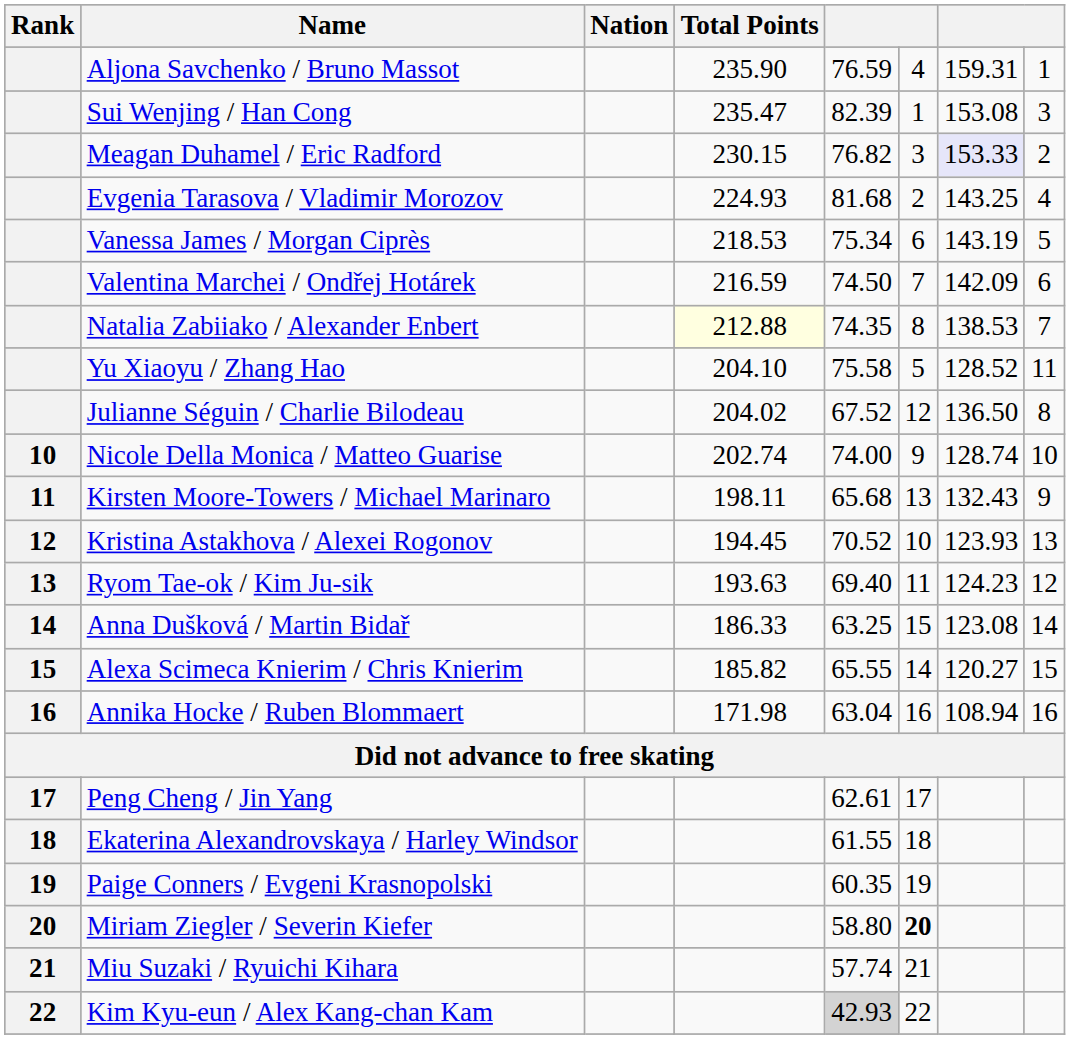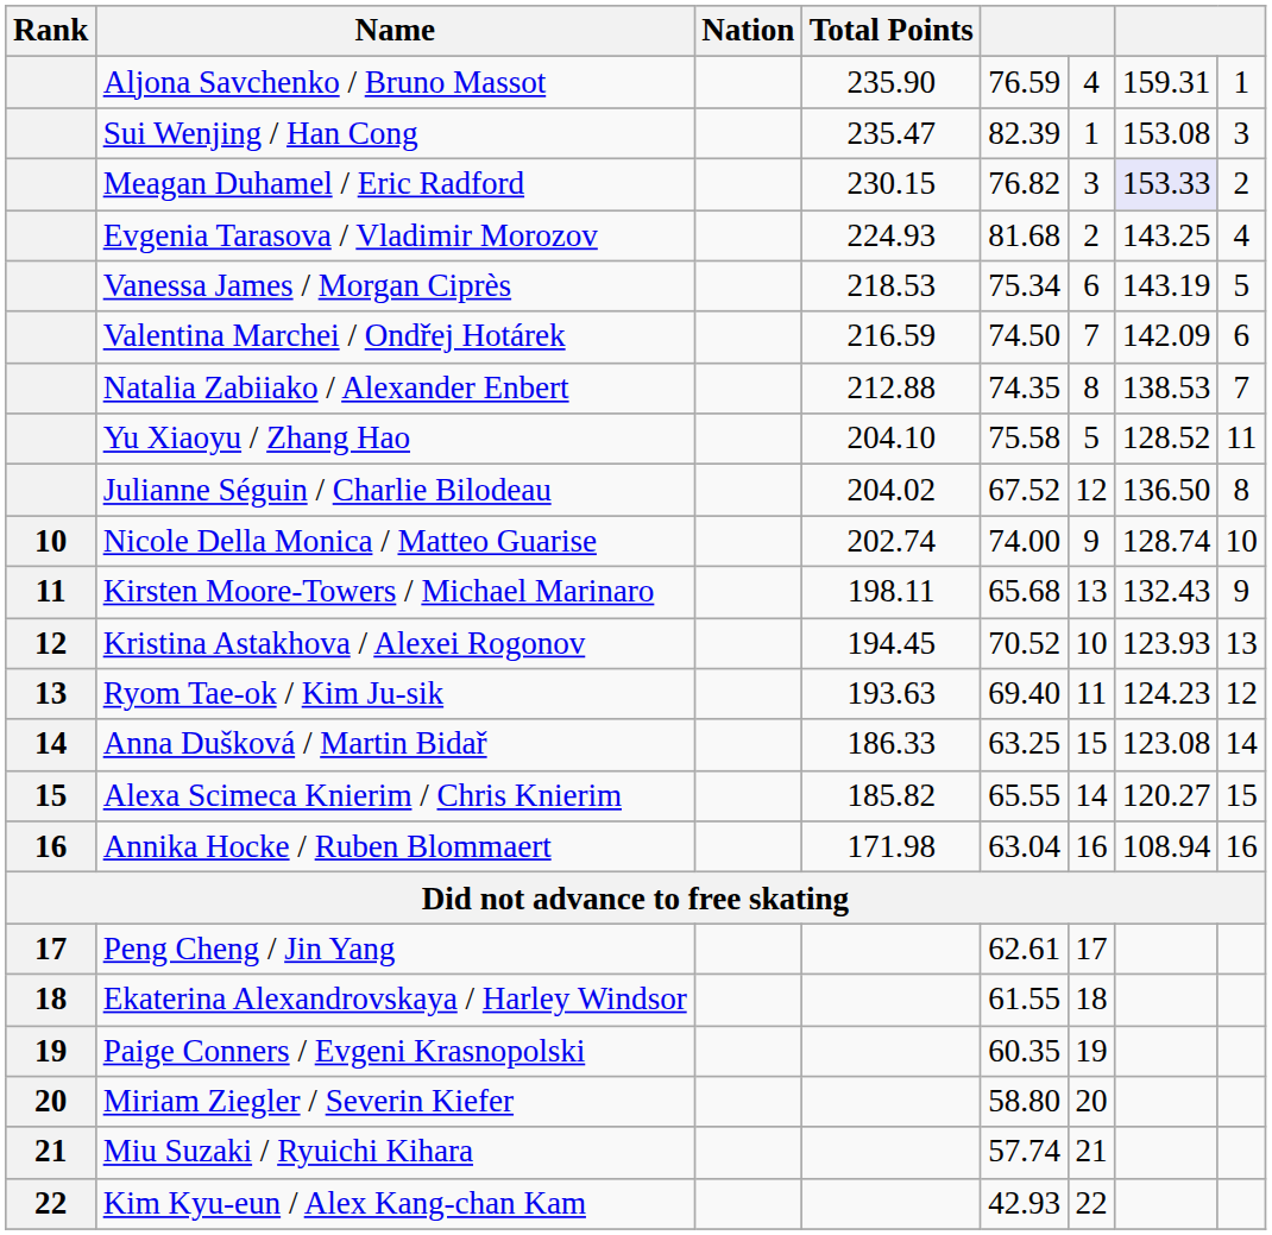 <table class="wikitable sortable" style="text-align:center">
 <tr>
 <th>Rank</th>
 <th>Name</th>
 <th>Nation</th>
 <th>Total Points</th>
 <th colspan=2></th>
 <th colspan=2></th>
 </tr>
 <tr>
 <th></th>
 <td align="left"><a href='#'>Aljona Savchenko</a> / <a href='#'>Bruno Massot</a></td>
 <td align="left"></td>
 <td>235.90</td>
 <td>76.59</td>
 <td>4</td>
 <td>159.31</td>
 <td>1</td>
 </tr>
 <tr>
 <th></th>
 <td align="left"><a href='#'>Sui Wenjing</a> / <a href='#'>Han Cong</a></td>
 <td align="left"></td>
 <td>235.47</td>
 <td>82.39</td>
 <td>1</td>
 <td>153.08</td>
 <td>3</td>
 </tr>
 <tr>
 <th></th>
 <td align="left"><a href='#'>Meagan Duhamel</a> / <a href='#'>Eric Radford</a></td>
 <td align="left"></td>
 <td>230.15</td>
 <td>76.82</td>
 <td>3</td>
 <td style="background: lavender;">153.33</td>
 <td>2</td>
 </tr>
 <tr>
 <th></th>
 <td align="left"><a href='#'>Evgenia Tarasova</a> / <a href='#'>Vladimir Morozov</a></td>
 <td align="left"></td>
 <td>224.93</td>
 <td>81.68</td>
 <td>2</td>
 <td>143.25</td>
 <td>4</td>
 </tr>
 <tr>
 <th></th>
 <td align=left><a href='#'>Vanessa James</a> / <a href='#'>Morgan Ciprès</a></td>
 <td align=left></td>
 <td>218.53</td>
 <td>75.34</td>
 <td>6</td>
 <td>143.19</td>
 <td>5</td>
 </tr>
 <tr>
 <th></th>
 <td align="left"><a href='#'>Valentina Marchei</a> / <a href='#'>Ondřej Hotárek</a></td>
 <td align="left"></td>
 <td>216.59</td>
 <td>74.50</td>
 <td>7</td>
 <td>142.09</td>
 <td>6</td>
 </tr>
 <tr>
 <th></th>
 <td align="left"><a href='#'>Natalia Zabiiako</a> / <a href='#'>Alexander Enbert</a></td>
 <td align="left"></td>
-<td style="background: lightyellow;">212.88</td>
+<td>212.88</td>
 <td>74.35</td>
 <td>8</td>
 <td>138.53</td>
 <td>7</td>
 </tr>
 <tr>
 <th></th>
 <td align=left><a href='#'>Yu Xiaoyu</a> / <a href='#'>Zhang Hao</a></td>
 <td align=left></td>
 <td>204.10</td>
 <td>75.58</td>
 <td>5</td>
 <td>128.52</td>
 <td>11</td>
 </tr>
 <tr>
 <th></th>
 <td align=left><a href='#'>Julianne Séguin</a> / <a href='#'>Charlie Bilodeau</a></td>
 <td align=left></td>
 <td>204.02</td>
 <td>67.52</td>
 <td>12</td>
 <td>136.50</td>
 <td>8</td>
 </tr>
 <tr>
 <th>10</th>
 <td align=left><a href='#'>Nicole Della Monica</a> / <a href='#'>Matteo Guarise</a></td>
 <td align=left></td>
 <td>202.74</td>
 <td>74.00</td>
 <td>9</td>
 <td>128.74</td>
 <td>10</td>
 </tr>
 <tr>
 <th>11</th>
 <td align=left><a href='#'>Kirsten Moore-Towers</a> / <a href='#'>Michael Marinaro</a></td>
 <td align=left></td>
 <td>198.11</td>
 <td>65.68</td>
 <td>13</td>
 <td>132.43</td>
 <td>9</td>
 </tr>
 <tr>
 <th>12</th>
 <td align=left><a href='#'>Kristina Astakhova</a> / <a href='#'>Alexei Rogonov</a></td>
 <td align=left></td>
 <td>194.45</td>
 <td>70.52</td>
 <td>10</td>
 <td>123.93</td>
 <td>13</td>
 </tr>
 <tr>
 <th>13</th>
 <td align=left><a href='#'>Ryom Tae-ok</a> / <a href='#'>Kim Ju-sik</a></td>
 <td align=left></td>
 <td>193.63</td>
 <td>69.40</td>
 <td>11</td>
 <td>124.23</td>
 <td>12</td>
 </tr>
 <tr>
 <th>14</th>
 <td align=left><a href='#'>Anna Dušková</a> / <a href='#'>Martin Bidař</a></td>
 <td align=left></td>
 <td>186.33</td>
 <td>63.25</td>
 <td>15</td>
 <td>123.08</td>
 <td>14</td>
 </tr>
 <tr>
 <th>15</th>
 <td align=left><a href='#'>Alexa Scimeca Knierim</a> / <a href='#'>Chris Knierim</a></td>
 <td align=left></td>
 <td>185.82</td>
 <td>65.55</td>
 <td>14</td>
 <td>120.27</td>
 <td>15</td>
 </tr>
 <tr>
 <th>16</th>
 <td align=left><a href='#'>Annika Hocke</a> / <a href='#'>Ruben Blommaert</a></td>
 <td align=left></td>
 <td>171.98</td>
 <td>63.04</td>
 <td>16</td>
 <td>108.94</td>
 <td>16</td>
 </tr>
 <tr>
 <th colspan=8>Did not advance to free skating</th>
 </tr>
 <tr>
 <th>17</th>
 <td align=left><a href='#'>Peng Cheng</a> / <a href='#'>Jin Yang</a></td>
 <td align=left></td>
 <td></td>
 <td>62.61</td>
 <td>17</td>
 <td></td>
 <td></td>
 </tr>
 <tr>
 <th>18</th>
 <td align=left><a href='#'>Ekaterina Alexandrovskaya</a> / <a href='#'>Harley Windsor</a></td>
 <td align=left></td>
 <td></td>
 <td>61.55</td>
 <td>18</td>
 <td></td>
 <td></td>
 </tr>
 <tr>
 <th>19</th>
 <td align=left><a href='#'>Paige Conners</a> / <a href='#'>Evgeni Krasnopolski</a></td>
 <td align=left></td>
 <td></td>
 <td>60.35</td>
 <td>19</td>
 <td></td>
 <td></td>
 </tr>
 <tr>
 <th>20</th>
 <td align=left><a href='#'>Miriam Ziegler</a> / <a href='#'>Severin Kiefer</a></td>
 <td align=left></td>
 <td></td>
 <td>58.80</td>
-<td><strong>20</strong></td>
+<td>20</td>
 <td></td>
 <td></td>
 </tr>
 <tr>
 <th>21</th>
 <td align=left><a href='#'>Miu Suzaki</a> / <a href='#'>Ryuichi Kihara</a></td>
 <td align=left></td>
 <td></td>
 <td>57.74</td>
 <td>21</td>
 <td></td>
 <td></td>
 </tr>
 <tr>
 <th>22</th>
 <td align=left><a href='#'>Kim Kyu-eun</a> / <a href='#'>Alex Kang-chan Kam</a></td>
 <td align=left></td>
 <td></td>
-<td style="background: lightgrey;">42.93</td>
+<td>42.93</td>
 <td>22</td>
 <td></td>
 <td></td>
 </tr>
 </table>
